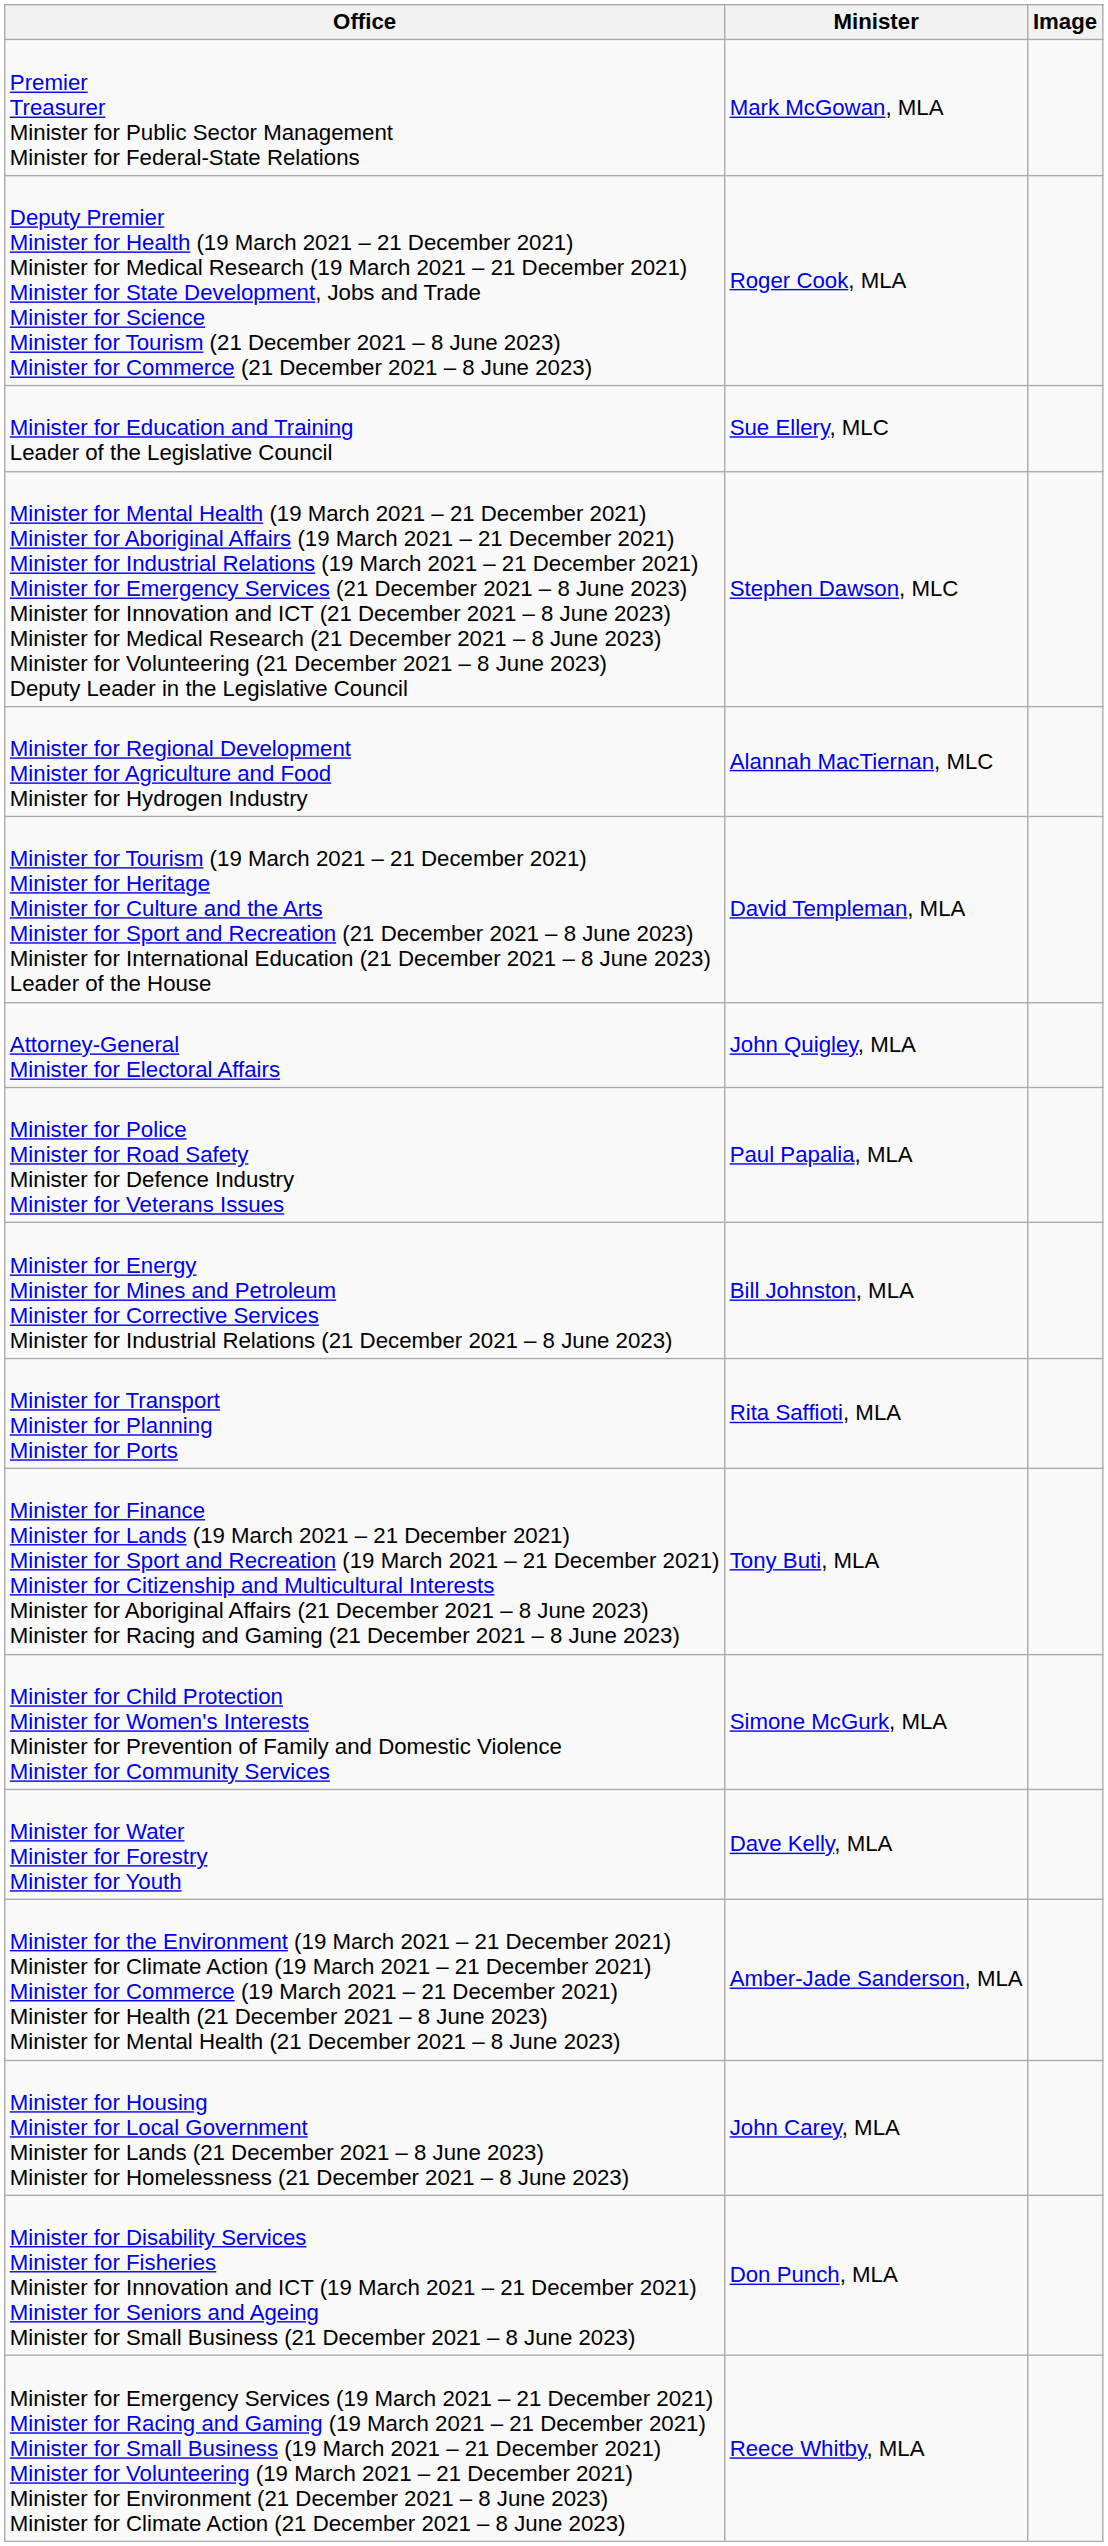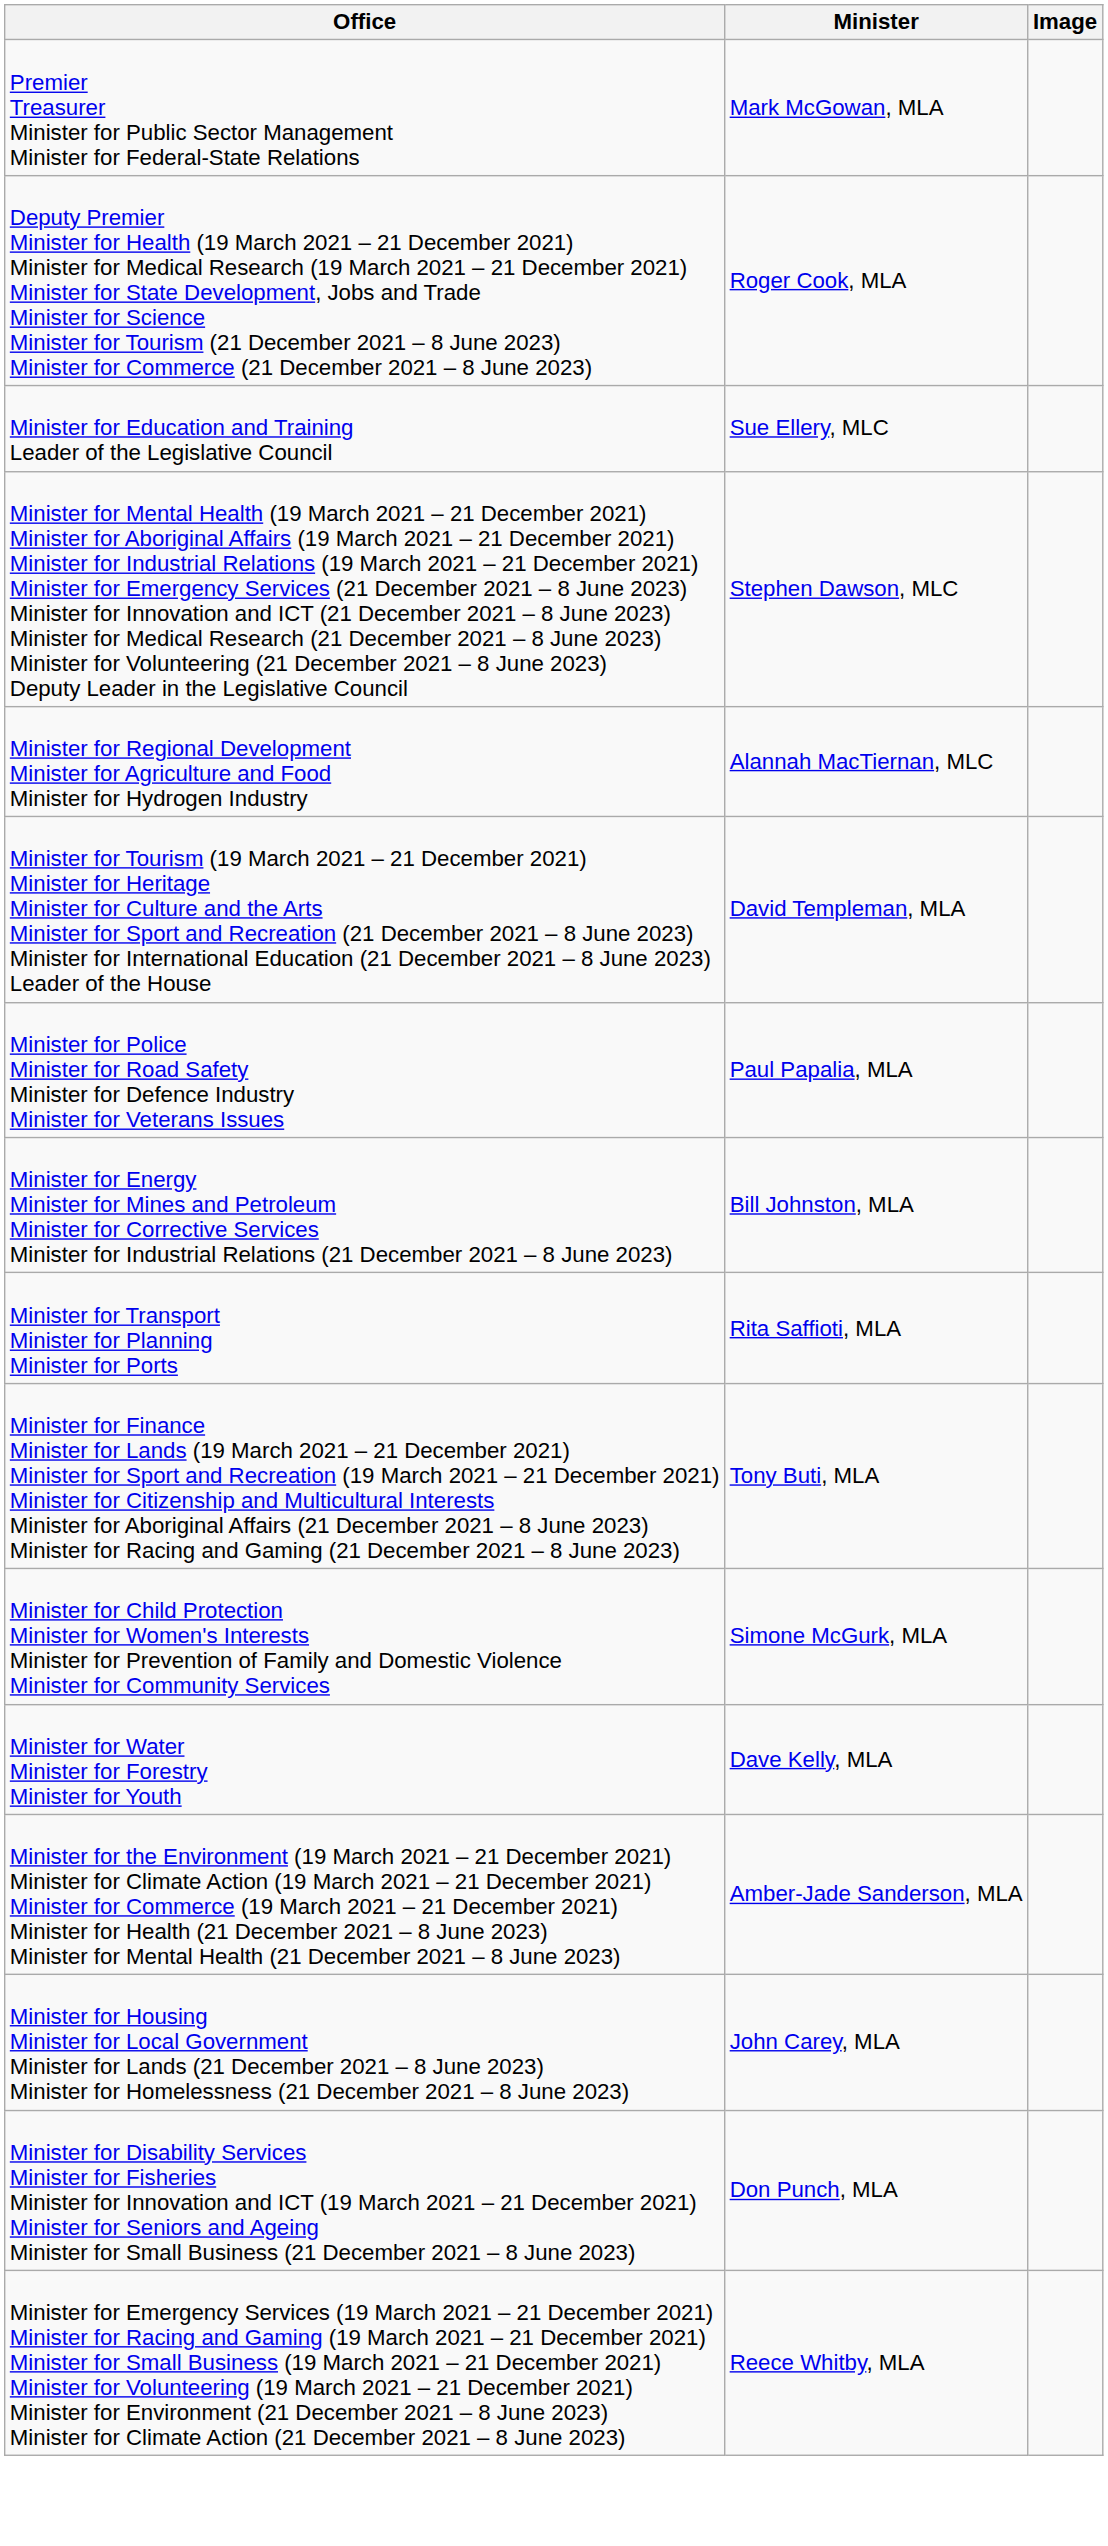 <table class="wikitable sortable">
 <tr>
 <th>Office</th>
 <th>Minister</th>
 <th>Image</th>
 </tr>
 <tr>
 <td><br><a href='#'>Premier</a><br> <a href='#'>Treasurer</a><br> Minister for Public Sector Management<br> Minister for Federal-State Relations</td>
 <td><a href='#'>Mark McGowan</a>, MLA</td>
 <td></td>
 </tr>
 <tr>
 <td><br><a href='#'>Deputy Premier</a><br> <a href='#'>Minister for Health</a> (19 March 2021 – 21 December 2021)<br> Minister for Medical Research (19 March 2021 – 21 December 2021)<br> <a href='#'>Minister for State Development</a>, Jobs and Trade<br> <a href='#'>Minister for Science</a><br> <a href='#'>Minister for Tourism</a> (21 December 2021 – 8 June 2023)<br> <a href='#'>Minister for Commerce</a> (21 December 2021 – 8 June 2023)<br></td>
 <td><a href='#'>Roger Cook</a>, MLA</td>
 <td></td>
 </tr>
 <tr>
 <td><br><a href='#'>Minister for Education and Training</a><br> Leader of the Legislative Council</td>
 <td><a href='#'>Sue Ellery</a>, MLC</td>
 <td></td>
 </tr>
 <tr>
 <td><br><a href='#'>Minister for Mental Health</a> (19 March 2021 – 21 December 2021)<br> <a href='#'>Minister for Aboriginal Affairs</a> (19 March 2021 – 21 December 2021)<br> <a href='#'>Minister for Industrial Relations</a> (19 March 2021 – 21 December 2021)<br> <a href='#'>Minister for Emergency Services</a> (21 December 2021 – 8 June 2023)<br> Minister for Innovation and ICT (21 December 2021 – 8 June 2023)<br> Minister for Medical Research (21 December 2021 – 8 June 2023)<br> Minister for Volunteering (21 December 2021 – 8 June 2023)<br> Deputy Leader in the Legislative Council<br></td>
 <td><a href='#'>Stephen Dawson</a>, MLC</td>
 <td></td>
 </tr>
 <tr>
 <td><br><a href='#'>Minister for Regional Development</a><br> <a href='#'>Minister for Agriculture and Food</a><br> Minister for Hydrogen Industry</td>
 <td><a href='#'>Alannah MacTiernan</a>, MLC</td>
 <td></td>
 </tr>
 <tr>
 <td><br><a href='#'>Minister for Tourism</a> (19 March 2021 – 21 December 2021)<br> <a href='#'>Minister for Heritage</a><br> <a href='#'>Minister for Culture and the Arts</a><br> <a href='#'>Minister for Sport and Recreation</a> (21 December 2021 – 8 June 2023)<br> Minister for International Education (21 December 2021 – 8 June 2023)<br> Leader of the House</td>
 <td><a href='#'>David Templeman</a>, MLA</td>
-<td></td>
-</tr>
-<tr>
-<td><br><a href='#'>Attorney-General</a><br> <a href='#'>Minister for Electoral Affairs</a><br></td>
-<td><a href='#'>John Quigley</a>, MLA</td>
 <td></td>
 </tr>
 <tr>
 <td><br><a href='#'>Minister for Police</a><br> <a href='#'>Minister for Road Safety</a><br> Minister for Defence Industry<br> <a href='#'>Minister for Veterans Issues</a></td>
 <td><a href='#'>Paul Papalia</a>, MLA</td>
 <td></td>
 </tr>
 <tr>
 <td><br><a href='#'>Minister for Energy</a><br> <a href='#'>Minister for Mines and Petroleum</a><br> <a href='#'>Minister for Corrective Services</a><br> Minister for Industrial Relations (21 December 2021 – 8 June 2023)<br></td>
 <td><a href='#'>Bill Johnston</a>, MLA</td>
 <td></td>
 </tr>
 <tr>
 <td><br><a href='#'>Minister for Transport</a><br> <a href='#'>Minister for Planning</a><br> <a href='#'>Minister for Ports</a><br></td>
 <td><a href='#'>Rita Saffioti</a>, MLA</td>
 <td></td>
 </tr>
 <tr>
 <td><br><a href='#'>Minister for Finance</a><br> <a href='#'>Minister for Lands</a> (19 March 2021 – 21 December 2021)<br> <a href='#'>Minister for Sport and Recreation</a> (19 March 2021 – 21 December 2021)<br> <a href='#'>Minister for Citizenship and Multicultural Interests</a><br> Minister for Aboriginal Affairs (21 December 2021 – 8 June 2023)<br> Minister for Racing and Gaming (21 December 2021 – 8 June 2023)<br></td>
 <td><a href='#'>Tony Buti</a>, MLA</td>
 <td></td>
 </tr>
 <tr>
 <td><br><a href='#'>Minister for Child Protection</a><br> <a href='#'>Minister for Women's Interests</a><br> Minister for Prevention of Family and Domestic Violence<br> <a href='#'>Minister for Community Services</a></td>
 <td><a href='#'>Simone McGurk</a>, MLA</td>
 <td></td>
 </tr>
 <tr>
 <td><br><a href='#'>Minister for Water</a><br> <a href='#'>Minister for Forestry</a><br> <a href='#'>Minister for Youth</a><br></td>
 <td><a href='#'>Dave Kelly</a>, MLA</td>
 <td></td>
 </tr>
 <tr>
 <td><br><a href='#'>Minister for the Environment</a> (19 March 2021 – 21 December 2021)<br> Minister for Climate Action (19 March 2021 – 21 December 2021)<br> <a href='#'>Minister for Commerce</a> (19 March 2021 – 21 December 2021)<br> Minister for Health (21 December 2021 – 8 June 2023)<br> Minister for Mental Health (21 December 2021 – 8 June 2023)<br></td>
 <td><a href='#'>Amber-Jade Sanderson</a>, MLA</td>
 <td></td>
 </tr>
 <tr>
 <td><br><a href='#'>Minister for Housing</a><br> <a href='#'>Minister for Local Government</a><br> Minister for Lands (21 December 2021 – 8 June 2023)<br> Minister for Homelessness (21 December 2021 – 8 June 2023)<br></td>
 <td><a href='#'>John Carey</a>, MLA</td>
 <td></td>
 </tr>
 <tr>
 <td><br><a href='#'>Minister for Disability Services</a><br> <a href='#'>Minister for Fisheries</a><br> Minister for Innovation and ICT (19 March 2021 – 21 December 2021)<br> <a href='#'>Minister for Seniors and Ageing</a><br> Minister for Small Business (21 December 2021 – 8 June 2023)<br></td>
 <td><a href='#'>Don Punch</a>, MLA</td>
 <td></td>
 </tr>
 <tr>
 <td><br>Minister for Emergency Services (19 March 2021 – 21 December 2021)<br> <a href='#'>Minister for Racing and Gaming</a> (19 March 2021 – 21 December 2021)<br> <a href='#'>Minister for Small Business</a> (19 March 2021 – 21 December 2021)<br> <a href='#'>Minister for Volunteering</a> (19 March 2021 – 21 December 2021)<br> Minister for Environment (21 December 2021 – 8 June 2023)<br> Minister for Climate Action (21 December 2021 – 8 June 2023)<br></td>
 <td><a href='#'>Reece Whitby</a>, MLA</td>
 <td></td>
 </tr>
 </table>
